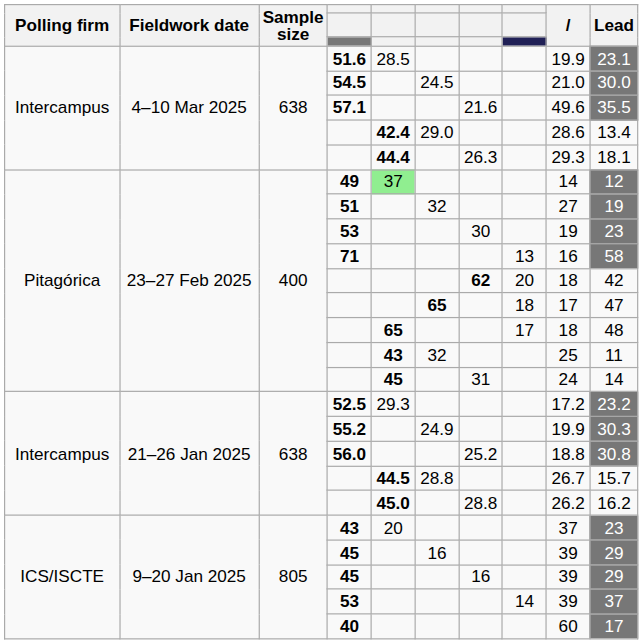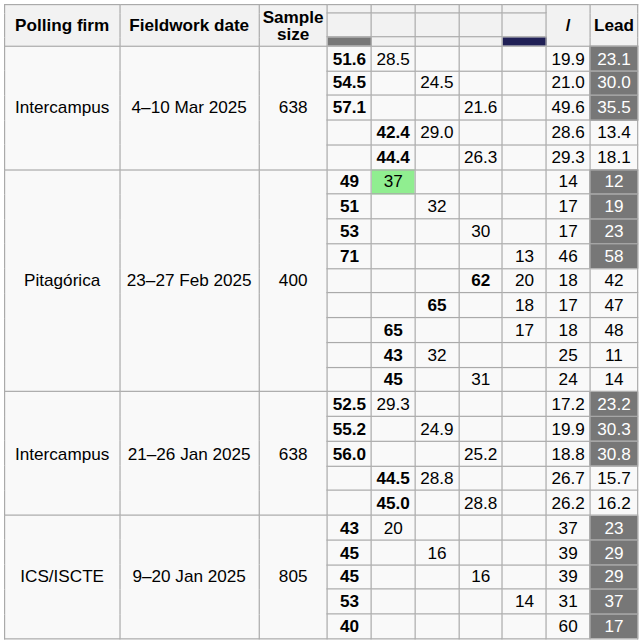 <table class="wikitable unsortable" style="text-align:center;font-size:90%;line-height:14px;">
 <tr>
 <th rowspan="3" style="width:90px;">Polling firm</th>
 <th rowspan="3" style="width:110px;">Fieldwork date</th>
 <th rowspan="3">Sample<br>size</th>
 <th></th>
 <th></th>
 <th></th>
 <th></th>
 <th></th>
 <th rowspan="3" class="unsortable" style="width:30px;">/<br></th>
 <th rowspan="3">Lead</th>
 </tr>
 <tr style="height:20px;">
 <th class="unsortable" style="width:30px;"></th>
 <th class="unsortable" style="width:30px;"></th>
 <th class="unsortable" style="width:30px;"></th>
 <th class="unsortable" style="width:30px;"></th>
 <th class="unsortable" style="width:30px;"></th>
 </tr>
 <tr>
 <th style="background:#777777;"></th>
 <th style="background:"></th>
 <th style="background:"></th>
 <th style="background:"></th>
 <th style="background:#202056;"></th>
 </tr>
 <tr>
 <td rowspan="5">Intercampus</td>
 <td rowspan="5">4–10 Mar 2025</td>
 <td rowspan="5">638</td>
 <td><strong>51.6</strong></td>
 <td>28.5</td>
 <td></td>
 <td></td>
 <td></td>
 <td>19.9</td>
 <td style="background:#777777; color:white;">23.1</td>
 </tr>
 <tr>
 <td><strong>54.5</strong></td>
 <td></td>
 <td>24.5</td>
 <td></td>
 <td></td>
 <td>21.0</td>
 <td style="background:#777777; color:white;">30.0</td>
 </tr>
 <tr>
 <td><strong>57.1</strong></td>
 <td></td>
 <td></td>
 <td>21.6</td>
 <td></td>
 <td>49.6</td>
 <td style="background:#777777; color:white;">35.5</td>
 </tr>
 <tr>
 <td></td>
 <td><strong>42.4</strong></td>
 <td>29.0</td>
 <td></td>
 <td></td>
 <td>28.6</td>
 <td style="background:">13.4</td>
 </tr>
 <tr>
 <td></td>
 <td><strong>44.4</strong></td>
 <td></td>
 <td>26.3</td>
 <td></td>
 <td>29.3</td>
 <td style="background:">18.1</td>
 </tr>
 <tr>
 <td rowspan="9">Pitagórica</td>
 <td rowspan="9">23–27 Feb 2025</td>
 <td rowspan="9">400</td>
 <td><strong>49</strong></td>
 <td style="background: lightgreen;">37</td>
 <td></td>
 <td></td>
 <td></td>
 <td>14</td>
 <td style="background:#777777; color:white;">12</td>
 </tr>
 <tr>
 <td><strong>51</strong></td>
 <td></td>
 <td>32</td>
 <td></td>
 <td></td>
-<td>27</td>
+<td>17</td>
 <td style="background:#777777; color:white;">19</td>
 </tr>
 <tr>
 <td><strong>53</strong></td>
 <td></td>
 <td></td>
 <td>30</td>
 <td></td>
-<td>19</td>
+<td>17</td>
 <td style="background:#777777; color:white;">23</td>
 </tr>
 <tr>
 <td><strong>71</strong></td>
 <td></td>
 <td></td>
 <td></td>
 <td>13</td>
-<td>16</td>
+<td>46</td>
 <td style="background:#777777; color:white;">58</td>
 </tr>
 <tr>
 <td></td>
 <td></td>
 <td></td>
 <td><strong>62</strong></td>
 <td>20</td>
 <td>18</td>
 <td style="background:">42</td>
 </tr>
 <tr>
 <td></td>
 <td></td>
 <td><strong>65</strong></td>
 <td></td>
 <td>18</td>
 <td>17</td>
 <td style="background:">47</td>
 </tr>
 <tr>
 <td></td>
 <td><strong>65</strong></td>
 <td></td>
 <td></td>
 <td>17</td>
 <td>18</td>
 <td style="background:">48</td>
 </tr>
 <tr>
 <td></td>
 <td><strong>43</strong></td>
 <td>32</td>
 <td></td>
 <td></td>
 <td>25</td>
 <td style="background:">11</td>
 </tr>
 <tr>
 <td></td>
 <td><strong>45</strong></td>
 <td></td>
 <td>31</td>
 <td></td>
 <td>24</td>
 <td style="background:">14</td>
 </tr>
 <tr>
 <td rowspan="5">Intercampus</td>
 <td rowspan="5">21–26 Jan 2025</td>
 <td rowspan="5">638</td>
 <td><strong>52.5</strong></td>
 <td>29.3</td>
 <td></td>
 <td></td>
 <td></td>
 <td>17.2</td>
 <td style="background:#777777; color:white;">23.2</td>
 </tr>
 <tr>
 <td><strong>55.2</strong></td>
 <td></td>
 <td>24.9</td>
 <td></td>
 <td></td>
 <td>19.9</td>
 <td style="background:#777777; color:white;">30.3</td>
 </tr>
 <tr>
 <td><strong>56.0</strong></td>
 <td></td>
 <td></td>
 <td>25.2</td>
 <td></td>
 <td>18.8</td>
 <td style="background:#777777; color:white;">30.8</td>
 </tr>
 <tr>
 <td></td>
 <td><strong>44.5</strong></td>
 <td>28.8</td>
 <td></td>
 <td></td>
 <td>26.7</td>
 <td style="background:">15.7</td>
 </tr>
 <tr>
 <td></td>
 <td><strong>45.0</strong></td>
 <td></td>
 <td>28.8</td>
 <td></td>
 <td>26.2</td>
 <td style="background:">16.2</td>
 </tr>
 <tr>
 <td rowspan="5">ICS/ISCTE</td>
 <td rowspan="5">9–20 Jan 2025</td>
 <td rowspan="5">805</td>
 <td><strong>43</strong></td>
 <td>20</td>
 <td></td>
 <td></td>
 <td></td>
 <td>37</td>
 <td style="background:#777777; color:white;">23</td>
 </tr>
 <tr>
 <td><strong>45</strong></td>
 <td></td>
 <td>16</td>
 <td></td>
 <td></td>
 <td>39</td>
 <td style="background:#777777; color:white;">29</td>
 </tr>
 <tr>
 <td><strong>45</strong></td>
 <td></td>
 <td></td>
 <td>16</td>
 <td></td>
 <td>39</td>
 <td style="background:#777777; color:white;">29</td>
 </tr>
 <tr>
 <td><strong>53</strong></td>
 <td></td>
 <td></td>
 <td></td>
 <td>14</td>
-<td>39</td>
+<td>31</td>
 <td style="background:#777777; color:white;">37</td>
 </tr>
 <tr>
 <td><strong>40</strong></td>
 <td></td>
 <td></td>
 <td></td>
 <td></td>
 <td>60</td>
 <td style="background:#777777; color:white;">17</td>
 </tr>
 </table>
